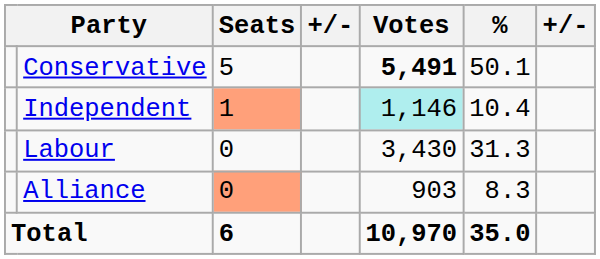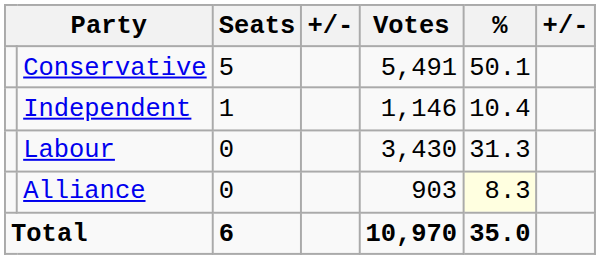 <table class="wikitable sortable">
 <tr>
 <th colspan="2">Party</th>
 <th>Seats</th>
 <th>+/-</th>
 <th>Votes</th>
 <th>%</th>
 <th>+/-</th>
 </tr>
 <tr>
 <td style="background-color: "></td>
 <td><a href='#'>Conservative</a></td>
 <td>5</td>
 <td></td>
-<td style="text-align:right;"><strong>5,491</strong></td>
+<td style="text-align:right;">5,491</td>
 <td style="text-align:right;">50.1</td>
 <td style="text-align:right;"></td>
 </tr>
 <tr>
 <td style="background-color: "></td>
 <td><a href='#'>Independent</a></td>
-<td style="background: lightsalmon;">1</td>
+<td>1</td>
 <td></td>
-<td style="background: paleturquoise; text-align:right;">1,146</td>
+<td style="text-align:right;">1,146</td>
 <td style="text-align:right;">10.4</td>
 <td style="text-align:right;"></td>
 </tr>
 <tr>
 <td style="background-color: "></td>
 <td><a href='#'>Labour</a></td>
 <td>0</td>
 <td></td>
 <td style="text-align:right;">3,430</td>
 <td style="text-align:right;">31.3</td>
 <td style="text-align:right;"></td>
 </tr>
 <tr>
 <td style="background-color: "></td>
 <td><a href='#'>Alliance</a></td>
-<td style="background: lightsalmon;">0</td>
+<td>0</td>
 <td></td>
 <td style="text-align:right;">903</td>
-<td style="text-align:right;">8.3</td>
+<td style="background: lightyellow; text-align:right;">8.3</td>
 <td style="text-align:right;"></td>
 </tr>
 <tr>
 <td colspan="2"><strong>Total</strong></td>
 <td><strong>6</strong></td>
 <td></td>
 <td style="text-align:right;"><strong>10,970</strong></td>
 <td style="text-align:right;"><strong>35.0</strong></td>
 <td style="text-align:right;"></td>
 </tr>
 </table>
